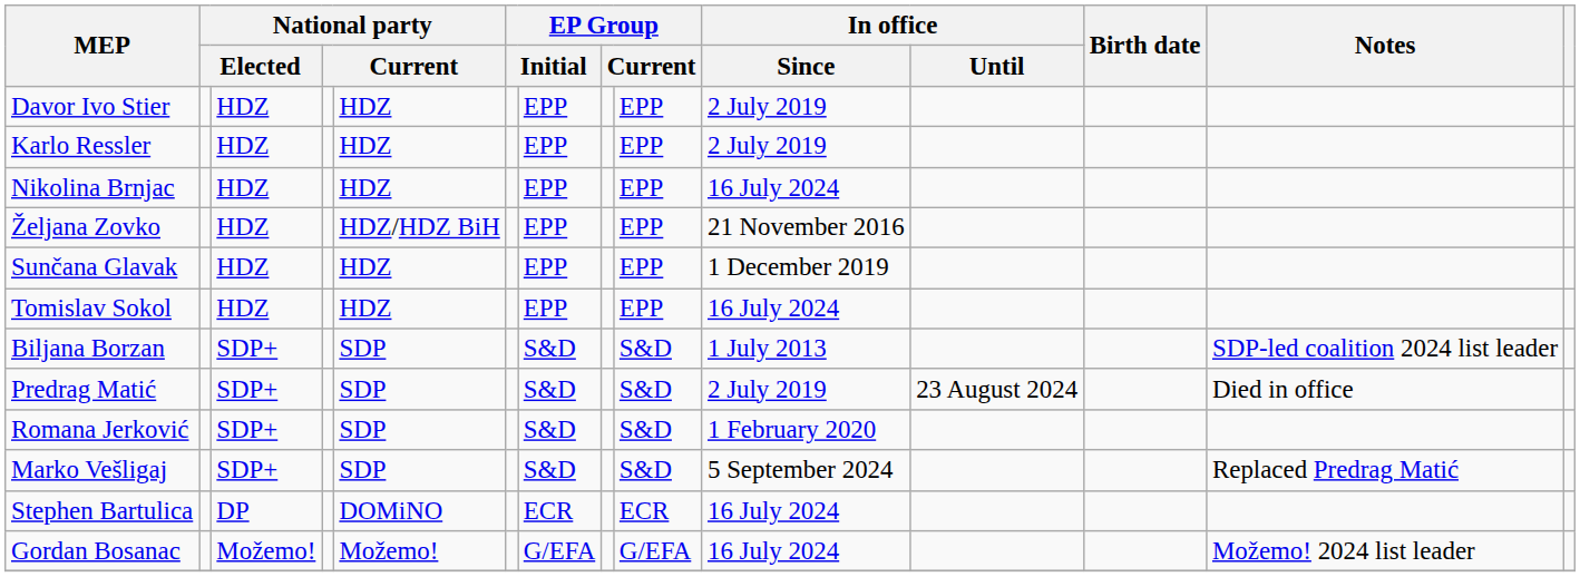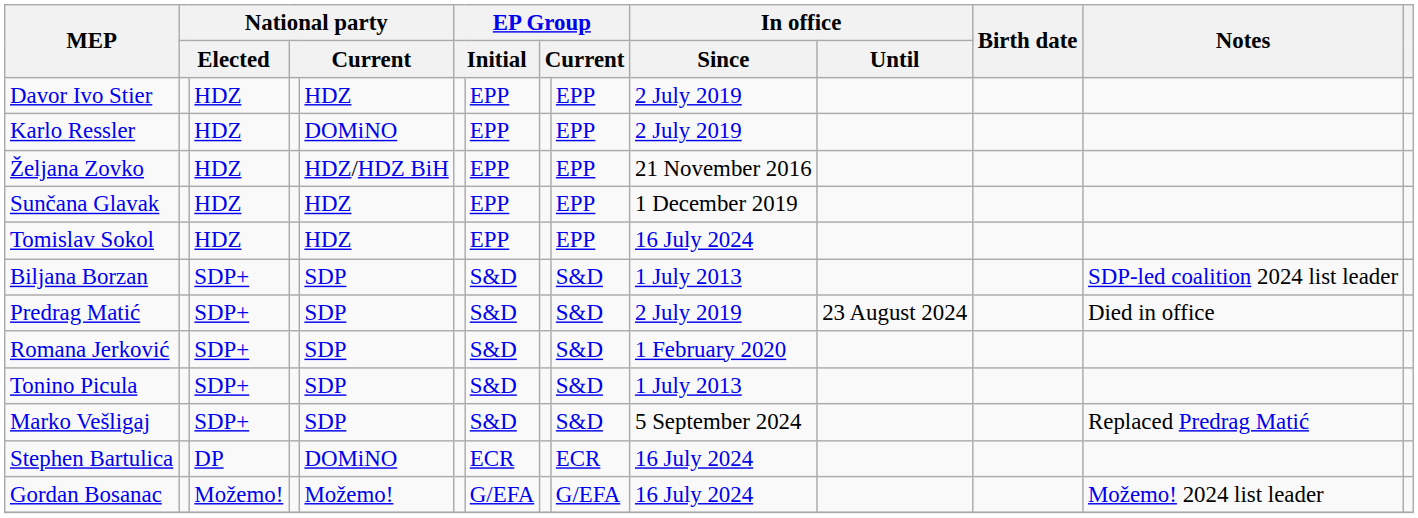 <table class="wikitable sortable" style="text-align:left">
 <tr>
 <th rowspan="2">MEP</th>
 <th colspan="4">National party</th>
 <th colspan="4"><a href='#'>EP Group</a></th>
 <th colspan="2">In office</th>
 <th rowspan="2">Birth date</th>
 <th rowspan="2">Notes</th>
 <th rowspan="2" class="unsortable"></th>
 </tr>
 <tr>
 <th colspan="2">Elected</th>
 <th colspan="2">Current</th>
 <th colspan="2">Initial</th>
 <th colspan="2">Current</th>
 <th>Since</th>
 <th>Until</th>
 </tr>
 <tr>
 <td><a href='#'>Davor Ivo Stier</a></td>
 <td style="background: "></td>
 <td><a href='#'>HDZ</a></td>
 <td style="background: "></td>
 <td><a href='#'>HDZ</a></td>
 <td style="background: "></td>
 <td><a href='#'>EPP</a></td>
 <td style="background: "></td>
 <td><a href='#'>EPP</a></td>
 <td><a href='#'>2 July 2019</a></td>
 <td></td>
 <td></td>
 <td></td>
 <td></td>
 </tr>
 <tr>
 <td><a href='#'>Karlo Ressler</a></td>
 <td style="background: "></td>
 <td><a href='#'>HDZ</a></td>
 <td style="background: "></td>
-<td><a href='#'>HDZ</a></td>
+<td><a href='#'>DOMiNO</a></td>
 <td style="background: "></td>
 <td><a href='#'>EPP</a></td>
 <td style="background: "></td>
 <td><a href='#'>EPP</a></td>
 <td><a href='#'>2 July 2019</a></td>
-<td></td>
-<td></td>
-<td></td>
-<td></td>
-</tr>
-<tr>
-<td><a href='#'>Nikolina Brnjac</a></td>
-<td style="background: "></td>
-<td><a href='#'>HDZ</a></td>
-<td style="background: "></td>
-<td><a href='#'>HDZ</a></td>
-<td style="background: "></td>
-<td><a href='#'>EPP</a></td>
-<td style="background: "></td>
-<td><a href='#'>EPP</a></td>
-<td><a href='#'>16 July 2024</a></td>
 <td></td>
 <td></td>
 <td></td>
 <td></td>
 </tr>
 <tr>
 <td><a href='#'>Željana Zovko</a></td>
 <td style="background: "></td>
 <td><a href='#'>HDZ</a></td>
 <td style="background: "></td>
 <td><a href='#'>HDZ</a>/<a href='#'>HDZ BiH</a></td>
 <td style="background: "></td>
 <td><a href='#'>EPP</a></td>
 <td style="background: "></td>
 <td><a href='#'>EPP</a></td>
 <td>21 November 2016</td>
 <td></td>
 <td></td>
 <td></td>
 <td></td>
 </tr>
 <tr>
 <td><a href='#'>Sunčana Glavak</a></td>
 <td style="background: "></td>
 <td><a href='#'>HDZ</a></td>
 <td style="background: "></td>
 <td><a href='#'>HDZ</a></td>
 <td style="background: "></td>
 <td><a href='#'>EPP</a></td>
 <td style="background: "></td>
 <td><a href='#'>EPP</a></td>
 <td>1 December 2019</td>
 <td></td>
 <td></td>
 <td></td>
 <td></td>
 </tr>
 <tr>
 <td><a href='#'>Tomislav Sokol</a></td>
 <td style="background: "></td>
 <td><a href='#'>HDZ</a></td>
 <td style="background: "></td>
 <td><a href='#'>HDZ</a></td>
 <td style="background: "></td>
 <td><a href='#'>EPP</a></td>
 <td style="background: "></td>
 <td><a href='#'>EPP</a></td>
 <td><a href='#'>16 July 2024</a></td>
 <td></td>
 <td></td>
 <td></td>
 <td></td>
 </tr>
 <tr>
 <td><a href='#'>Biljana Borzan</a></td>
 <td style="background: "></td>
 <td><a href='#'>SDP+</a></td>
 <td style="background: "></td>
 <td><a href='#'>SDP</a></td>
 <td style="background: "></td>
 <td><a href='#'>S&D</a></td>
 <td style="background: "></td>
 <td><a href='#'>S&D</a></td>
 <td><a href='#'>1 July 2013</a></td>
 <td></td>
 <td></td>
 <td><a href='#'>SDP-led coalition</a> 2024 list leader</td>
 <td></td>
 </tr>
 <tr>
 <td><a href='#'>Predrag Matić</a></td>
 <td style="background: "></td>
 <td><a href='#'>SDP+</a></td>
 <td style="background: "></td>
 <td><a href='#'>SDP</a></td>
 <td style="background: "></td>
 <td><a href='#'>S&D</a></td>
 <td style="background: "></td>
 <td><a href='#'>S&D</a></td>
 <td><a href='#'>2 July 2019</a></td>
 <td>23 August 2024</td>
 <td></td>
 <td>Died in office</td>
 <td></td>
 </tr>
 <tr>
 <td><a href='#'>Romana Jerković</a></td>
 <td style="background: "></td>
 <td><a href='#'>SDP+</a></td>
 <td style="background: "></td>
 <td><a href='#'>SDP</a></td>
 <td style="background: "></td>
 <td><a href='#'>S&D</a></td>
 <td style="background: "></td>
 <td><a href='#'>S&D</a></td>
 <td><a href='#'>1 February 2020</a></td>
 <td></td>
 <td></td>
 <td></td>
 <td></td>
 </tr>
 <tr>
+<td><a href='#'>Tonino Picula</a></td>
+<td style="background: "></td>
+<td><a href='#'>SDP+</a></td>
+<td style="background: "></td>
+<td><a href='#'>SDP</a></td>
+<td style="background: "></td>
+<td><a href='#'>S&D</a></td>
+<td style="background: "></td>
+<td><a href='#'>S&D</a></td>
+<td><a href='#'>1 July 2013</a></td>
+<td></td>
+<td></td>
+<td></td>
+<td></td>
+</tr>
+<tr>
 <td><a href='#'>Marko Vešligaj</a></td>
 <td style="background: "></td>
 <td><a href='#'>SDP+</a></td>
 <td style="background: "></td>
 <td><a href='#'>SDP</a></td>
 <td style="background: "></td>
 <td><a href='#'>S&D</a></td>
 <td style="background: "></td>
 <td><a href='#'>S&D</a></td>
 <td>5 September 2024</td>
 <td></td>
 <td></td>
 <td>Replaced <a href='#'>Predrag Matić</a></td>
 <td></td>
 </tr>
 <tr>
 <td><a href='#'>Stephen Bartulica</a></td>
 <td style="background: "></td>
 <td><a href='#'>DP</a></td>
 <td style="background: "></td>
 <td><a href='#'>DOMiNO</a></td>
 <td style="background: "></td>
 <td><a href='#'>ECR</a></td>
 <td style="background: "></td>
 <td><a href='#'>ECR</a></td>
 <td><a href='#'>16 July 2024</a></td>
 <td></td>
 <td></td>
 <td></td>
 <td></td>
 </tr>
 <tr>
 <td><a href='#'>Gordan Bosanac</a></td>
 <td style="background: "></td>
 <td><a href='#'>Možemo!</a></td>
 <td style="background: "></td>
 <td><a href='#'>Možemo!</a></td>
 <td style="background: "></td>
 <td><a href='#'>G/EFA</a></td>
 <td style="background: "></td>
 <td><a href='#'>G/EFA</a></td>
 <td><a href='#'>16 July 2024</a></td>
 <td></td>
 <td></td>
 <td><a href='#'>Možemo!</a> 2024 list leader</td>
 <td></td>
 </tr>
 <tr>
 </tr>
 </table>
